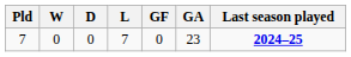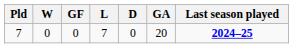 <table class="wikitable" style="font-size:95%; text-align: center;">
 <tr>
 <th width="30">Pld</th>
 <th width="30">W</th>
+<th width="30">GF</th>
+<th width="30">L</th>
 <th width="30">D</th>
-<th width="30">L</th>
-<th width="30">GF</th>
 <th width="30">GA</th>
 <th width="140">Last season played</th>
 </tr>
 <tr>
 <td>7</td>
 <td>0</td>
 <td>0</td>
 <td>7</td>
 <td>0</td>
-<td>23</td>
+<td>20</td>
 <td><strong><a href='#'>2024–25</a></strong></td>
 </tr>
 </table>
